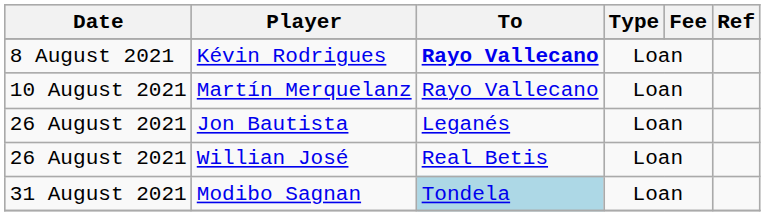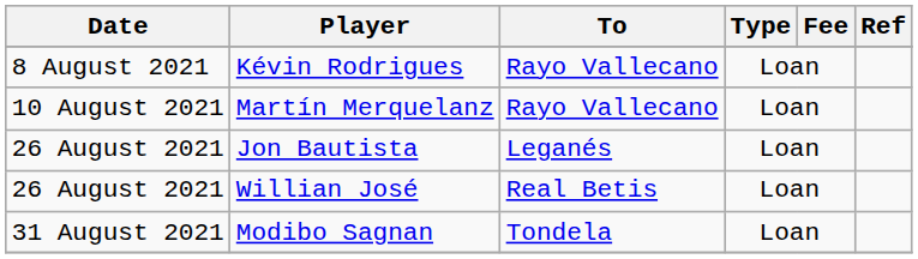 <table class="wikitable">
 <tr>
 <th>Date</th>
 <th>Player</th>
 <th>To</th>
 <th>Type</th>
 <th>Fee</th>
 <th>Ref</th>
 </tr>
 <tr>
 </tr>
 <tr>
 <td>8 August 2021</td>
 <td> <a href='#'>Kévin Rodrigues</a></td>
-<td><strong><a href='#'>Rayo Vallecano</a></strong></td>
+<td><a href='#'>Rayo Vallecano</a></td>
 <td align=center colspan=2>Loan</td>
 <td align=center></td>
 </tr>
 <tr>
 <td>10 August 2021</td>
 <td> <a href='#'>Martín Merquelanz</a></td>
 <td><a href='#'>Rayo Vallecano</a></td>
 <td align=center colspan=2>Loan</td>
 <td align=center></td>
 </tr>
 <tr>
 <td>26 August 2021</td>
 <td> <a href='#'>Jon Bautista</a></td>
 <td><a href='#'>Leganés</a></td>
 <td align=center colspan=2>Loan</td>
 <td align=center></td>
 </tr>
 <tr>
 <td>26 August 2021</td>
 <td> <a href='#'>Willian José</a></td>
 <td><a href='#'>Real Betis</a></td>
 <td align=center colspan=2>Loan</td>
 <td align=center></td>
 </tr>
 <tr>
 <td>31 August 2021</td>
 <td> <a href='#'>Modibo Sagnan</a></td>
-<td style="background: lightblue;"> <a href='#'>Tondela</a></td>
+<td> <a href='#'>Tondela</a></td>
 <td align=center colspan=2>Loan</td>
 <td align=center></td>
 </tr>
 <tr>
 </tr>
 </table>
